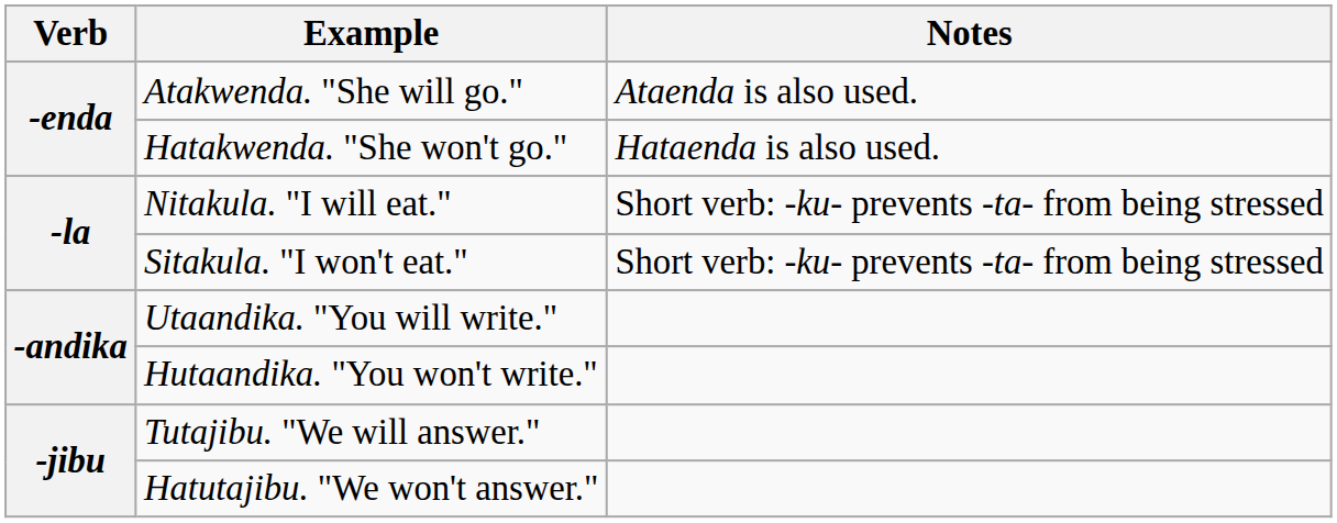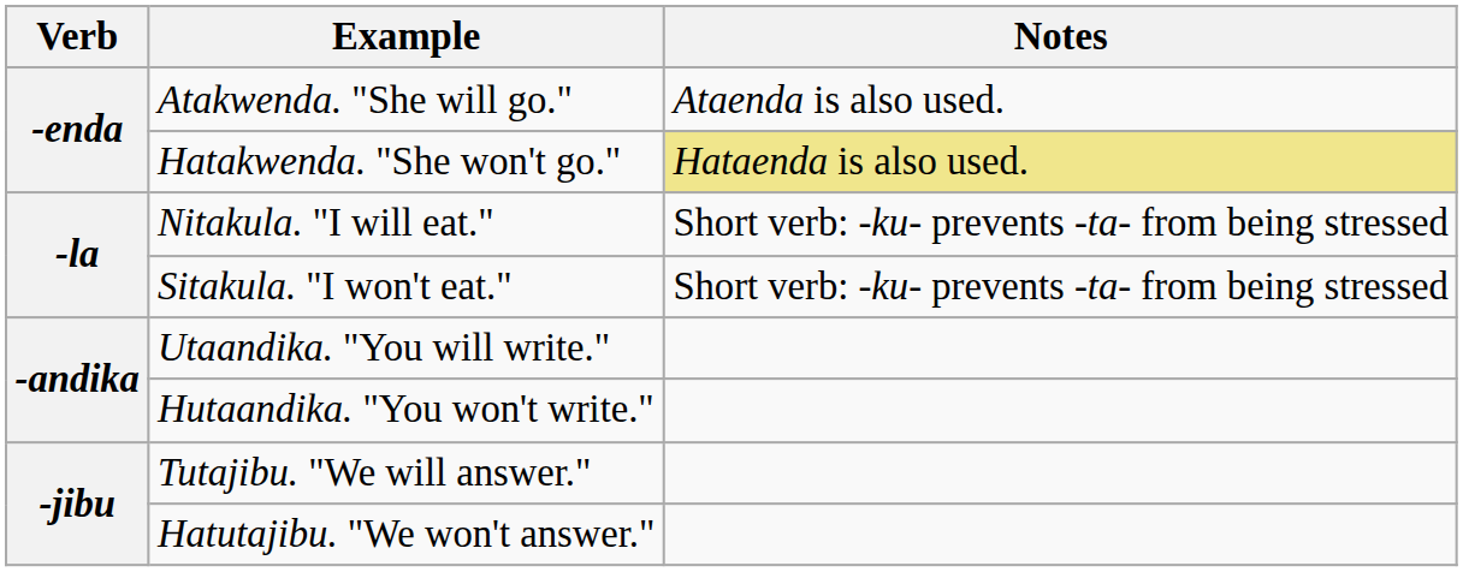 <table class="wikitable">
 <tr>
 <th>Verb</th>
 <th>Example</th>
 <th>Notes</th>
 </tr>
 <tr>
 <th rowspan="2"><em>-enda</em></th>
 <td><em>Atakwenda.</em> "She will go."</td>
 <td><em>Ataenda</em> is also used.</td>
 </tr>
 <tr>
 <td><em>Hatakwenda.</em> "She won't go."</td>
-<td><em>Hataenda</em> is also used.</td>
+<td style="background: khaki;"><em>Hataenda</em> is also used.</td>
 </tr>
 <tr>
 <th rowspan="2"><em>-la</em></th>
 <td><em>Nitakula.</em> "I will eat."</td>
 <td>Short verb: <em>-ku-</em> prevents <em>-ta-</em> from being stressed</td>
 </tr>
 <tr>
 <td><em>Sitakula.</em> "I won't eat."</td>
 <td>Short verb: <em>-ku-</em> prevents <em>-ta-</em> from being stressed</td>
 </tr>
 <tr>
 <th rowspan="2"><em>-andika</em></th>
 <td><em>Utaandika.</em> "You will write."</td>
 <td></td>
 </tr>
 <tr>
 <td><em>Hutaandika.</em> "You won't write."</td>
 <td></td>
 </tr>
 <tr>
 <th rowspan="2"><em>-jibu</em></th>
 <td><em>Tutajibu.</em> "We will answer."</td>
 <td></td>
 </tr>
 <tr>
 <td><em>Hatutajibu.</em> "We won't answer."</td>
 </tr>
 </table>
